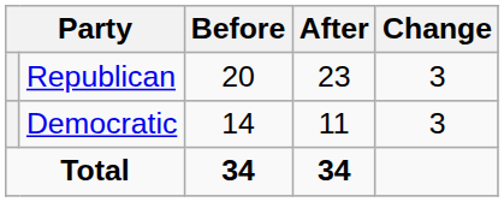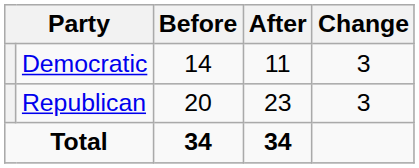 <table class="wikitable" style="text-align:center;">
 <tr>
 <th colspan="2">Party</th>
 <th>Before</th>
 <th>After</th>
 <th>Change</th>
 </tr>
 <tr>
 <th style="background-color:"></th>
-<td style="text-align:left;"><a href='#'>Republican</a></td>
-<td>20</td>
-<td>23</td>
+<td style="text-align:left;"><a href='#'>Democratic</a></td>
+<td>14</td>
+<td>11</td>
 <td> 3</td>
 </tr>
 <tr>
 <th style="background-color:"></th>
-<td style="text-align:left;"><a href='#'>Democratic</a></td>
-<td>14</td>
-<td>11</td>
+<td style="text-align:left;"><a href='#'>Republican</a></td>
+<td>20</td>
+<td>23</td>
 <td> 3</td>
 </tr>
 <tr>
 <td colspan="2"><strong>Total</strong></td>
 <td><strong>34</strong></td>
 <td><strong>34</strong></td>
 <td></td>
 </tr>
 </table>
